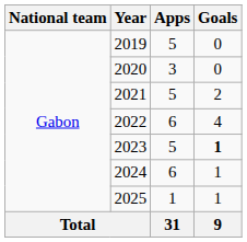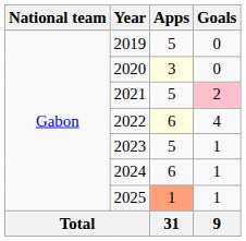 <table class="wikitable" style="text-align: center;">
 <tr>
 <th>National team</th>
 <th>Year</th>
 <th>Apps</th>
 <th>Goals</th>
 </tr>
 <tr>
 <td rowspan="7"><a href='#'>Gabon</a></td>
 <td>2019</td>
 <td>5</td>
 <td>0</td>
 </tr>
 <tr>
 <td>2020</td>
-<td>3</td>
+<td style="background: lightyellow;">3</td>
 <td>0</td>
 </tr>
 <tr>
 <td>2021</td>
 <td>5</td>
-<td>2</td>
+<td style="background: pink;">2</td>
 </tr>
 <tr>
 <td>2022</td>
-<td>6</td>
+<td style="background: lightyellow;">6</td>
 <td>4</td>
 </tr>
 <tr>
 <td>2023</td>
 <td>5</td>
-<td><strong>1</strong></td>
+<td>1</td>
 </tr>
 <tr>
 <td>2024</td>
 <td>6</td>
 <td>1</td>
 </tr>
 <tr>
 <td>2025</td>
-<td>1</td>
+<td style="background: lightsalmon;">1</td>
 <td>1</td>
 </tr>
 <tr>
 <th colspan="2">Total</th>
 <th>31</th>
 <th>9</th>
 </tr>
 </table>
